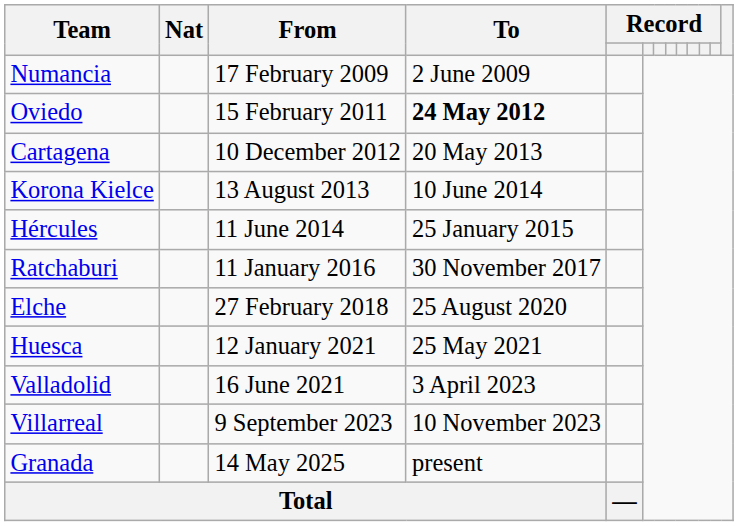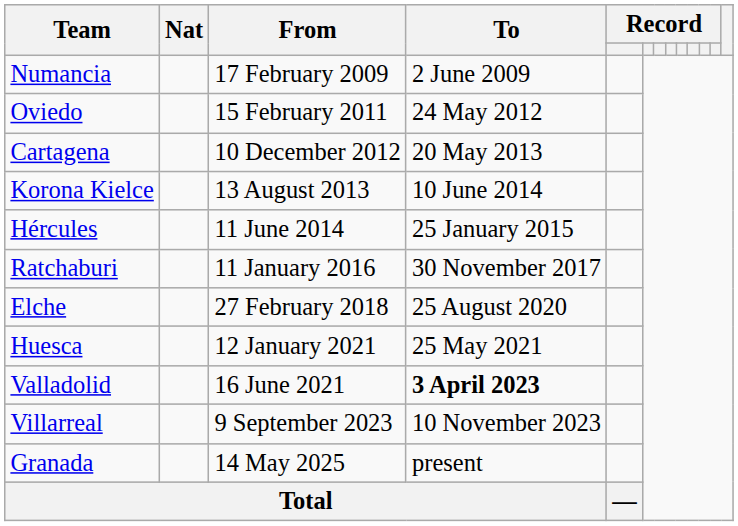 <table class="wikitable" style="text-align: center">
 <tr>
 <th rowspan="2">Team</th>
 <th rowspan="2">Nat</th>
 <th rowspan="2">From</th>
 <th rowspan="2">To</th>
 <th colspan="8">Record</th>
 <th rowspan=2></th>
 </tr>
 <tr>
 <th></th>
 <th></th>
 <th></th>
 <th></th>
 <th></th>
 <th></th>
 <th></th>
 <th></th>
 </tr>
 <tr>
 <td align="left"><a href='#'>Numancia</a></td>
 <td></td>
 <td align=left>17 February 2009</td>
 <td align=left>2 June 2009<br></td>
 <td></td>
 </tr>
 <tr>
 <td align="left"><a href='#'>Oviedo</a></td>
 <td></td>
 <td align=left>15 February 2011</td>
-<td align=left><strong>24 May 2012<br></strong></td>
+<td align=left>24 May 2012<br></td>
 <td></td>
 </tr>
 <tr>
 <td align="left"><a href='#'>Cartagena</a></td>
 <td></td>
 <td align=left>10 December 2012</td>
 <td align=left>20 May 2013<br></td>
 <td></td>
 </tr>
 <tr>
 <td align="left"><a href='#'>Korona Kielce</a></td>
 <td></td>
 <td align=left>13 August 2013</td>
 <td align=left>10 June 2014<br></td>
 <td></td>
 </tr>
 <tr>
 <td align="left"><a href='#'>Hércules</a></td>
 <td></td>
 <td align=left>11 June 2014</td>
 <td align=left>25 January 2015<br></td>
 <td></td>
 </tr>
 <tr>
 <td align="left"><a href='#'>Ratchaburi</a></td>
 <td></td>
 <td align=left>11 January 2016</td>
 <td align=left>30 November 2017<br></td>
 <td></td>
 </tr>
 <tr>
 <td align="left"><a href='#'>Elche</a></td>
 <td></td>
 <td align=left>27 February 2018</td>
 <td align=left>25 August 2020<br></td>
 <td></td>
 </tr>
 <tr>
 <td align="left"><a href='#'>Huesca</a></td>
 <td></td>
 <td align=left>12 January 2021</td>
 <td align=left>25 May 2021<br></td>
 <td></td>
 </tr>
 <tr>
 <td align="left"><a href='#'>Valladolid</a></td>
 <td></td>
 <td align=left>16 June 2021</td>
-<td align=left>3 April 2023<br></td>
+<td align=left><strong>3 April 2023<br></strong></td>
 <td></td>
 </tr>
 <tr>
 <td align="left"><a href='#'>Villarreal</a></td>
 <td></td>
 <td align=left>9 September 2023</td>
 <td align=left>10 November 2023<br></td>
 <td></td>
 </tr>
 <tr>
 <td align="left"><a href='#'>Granada</a></td>
 <td></td>
 <td align=left>14 May 2025</td>
 <td align=left>present<br></td>
 <td></td>
 </tr>
 <tr>
 <th colspan=4>Total<br></th>
 <th>—</th>
 </tr>
 </table>
